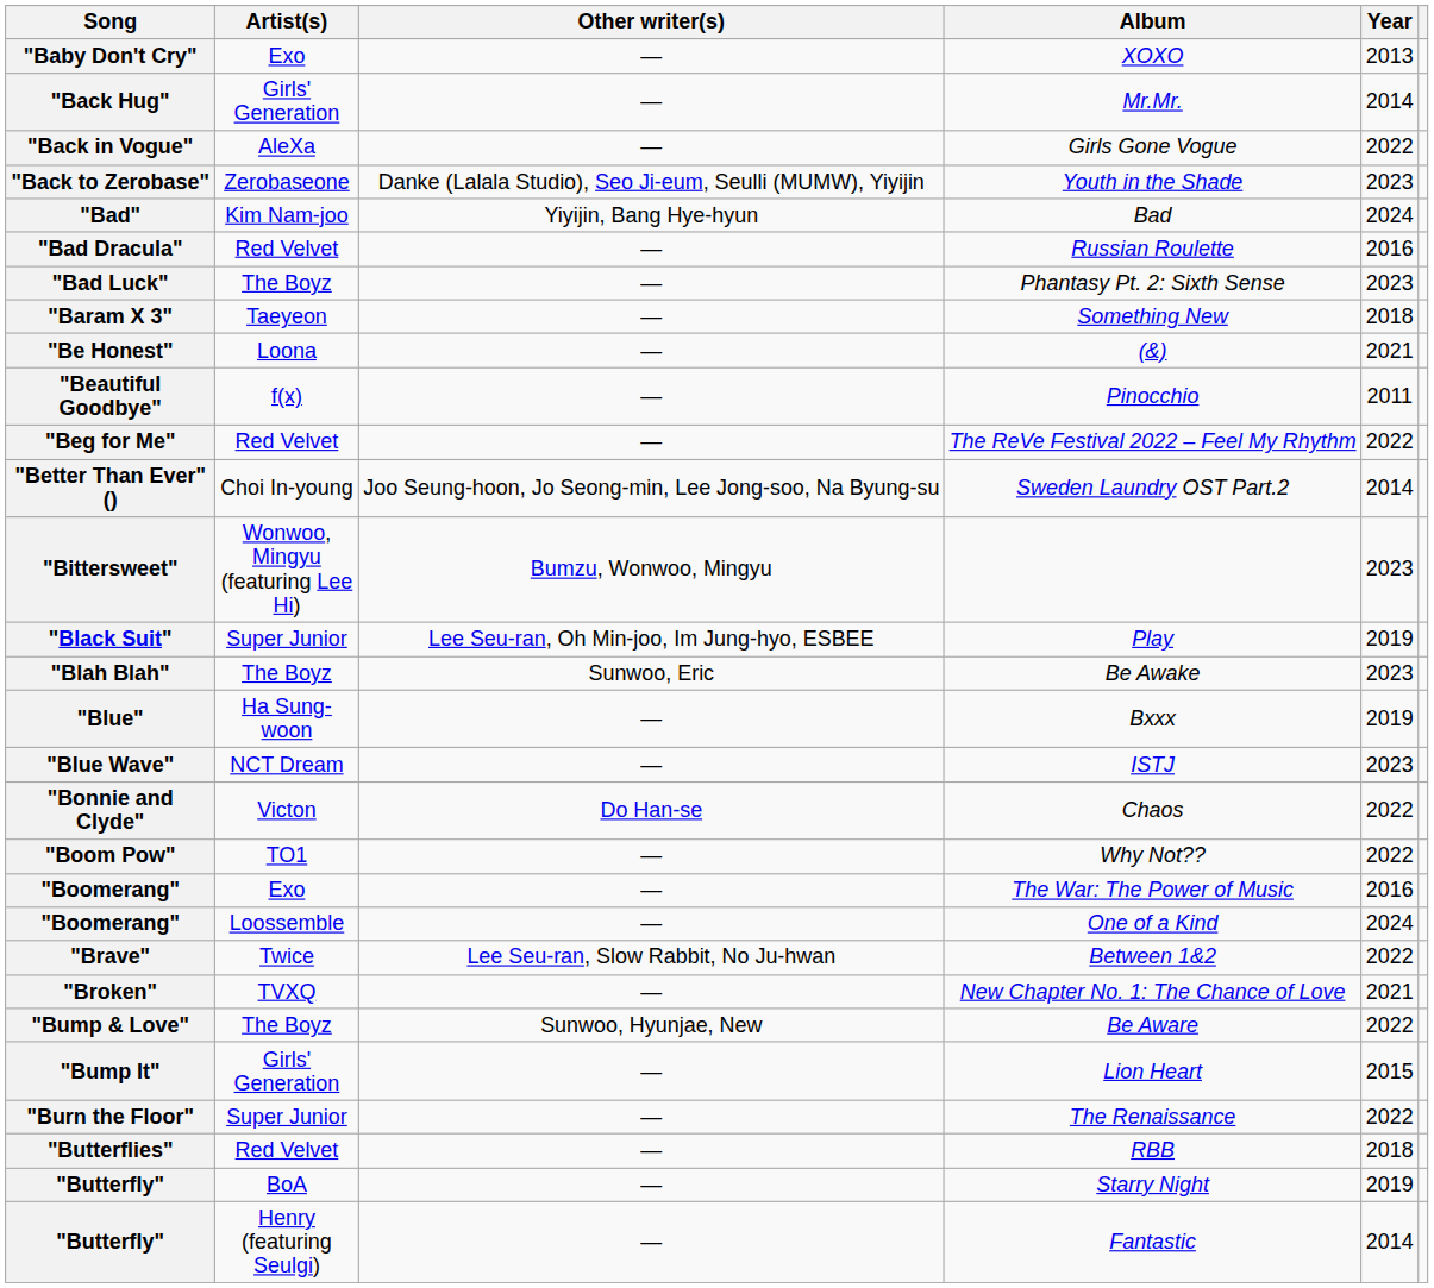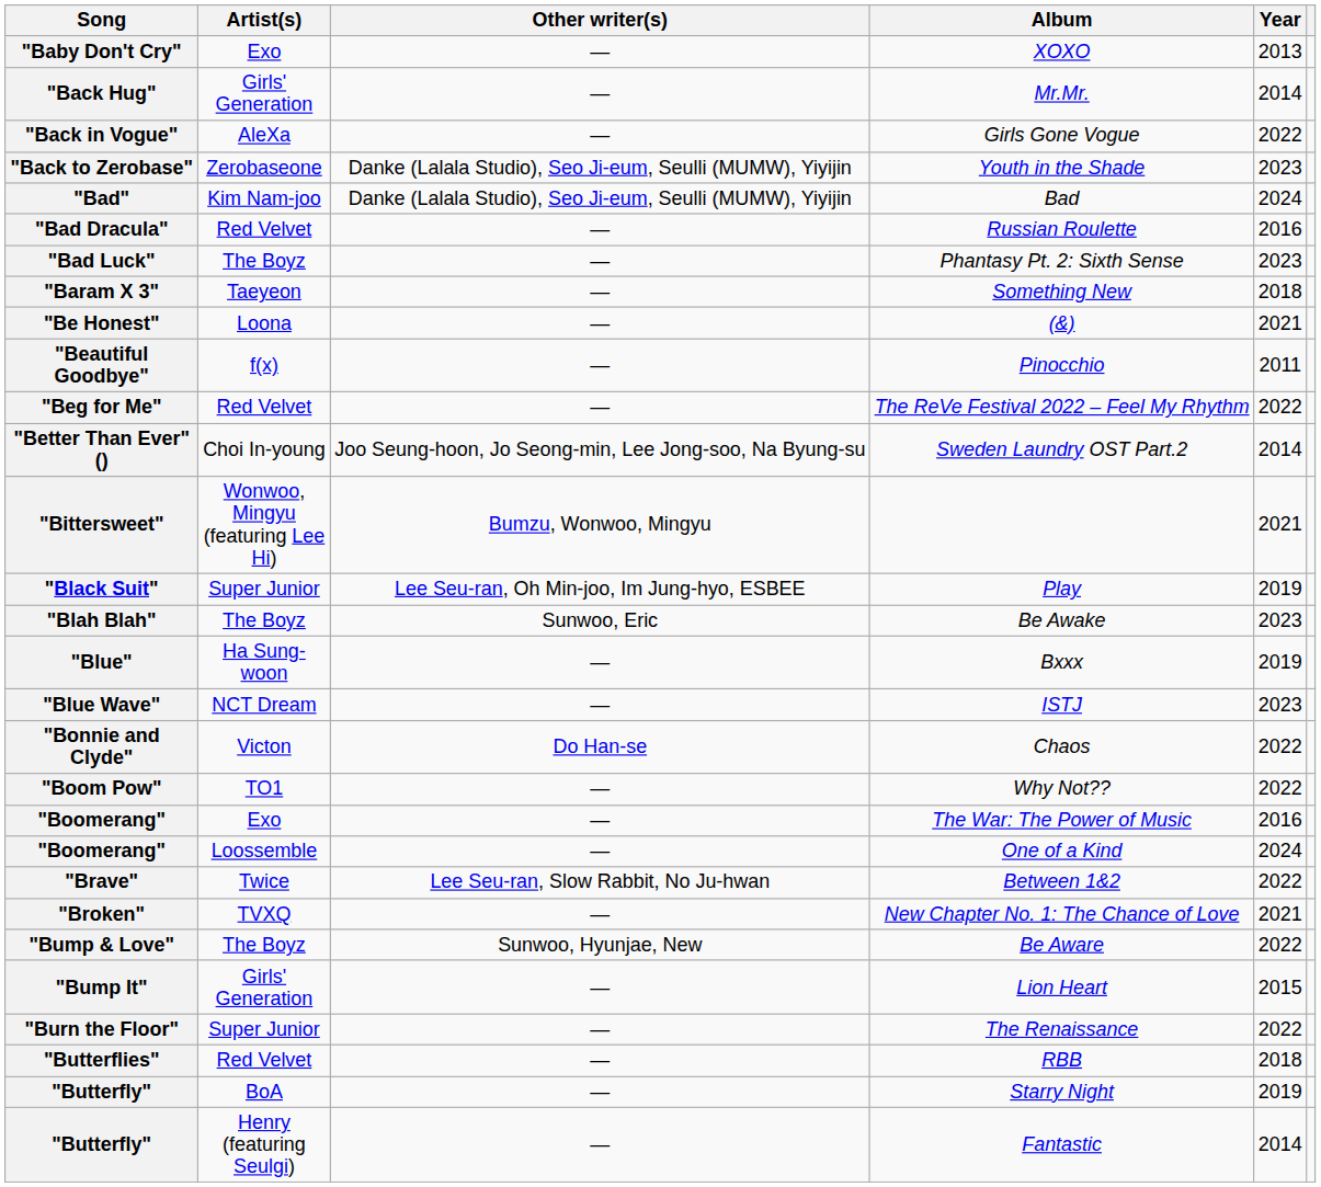 <table class="wikitable sortable plainrowheaders" style="text-align:center;">
 <tr>
 <th scope="col" width="150">Song</th>
 <th scope="col" width="100">Artist(s)</th>
 <th scope="col" class="unsortable">Other writer(s)</th>
 <th scope="col" data-sort-type="text">Album</th>
 <th scope="col">Year</th>
 <th scope="col" class="unsortable"></th>
 </tr>
 <tr>
 <th scope="row">"Baby Don't Cry"</th>
 <td><a href='#'>Exo</a></td>
 <td>—</td>
 <td><em><a href='#'>XOXO</a></em></td>
 <td>2013</td>
 <td style="text-align:center;"></td>
 </tr>
 <tr>
 <th scope="row">"Back Hug"</th>
 <td><a href='#'>Girls' Generation</a></td>
 <td>—</td>
 <td><em><a href='#'>Mr.Mr.</a></em></td>
 <td>2014</td>
 <td style="text-align:center;"></td>
 </tr>
 <tr>
 <th scope="row">"Back in Vogue"</th>
 <td><a href='#'>AleXa</a></td>
 <td>—</td>
 <td><em>Girls Gone Vogue</em></td>
 <td>2022</td>
 <td style="text-align:center;"></td>
 </tr>
 <tr>
 <th scope="row">"Back to Zerobase"</th>
 <td><a href='#'>Zerobaseone</a></td>
 <td>Danke (Lalala Studio), <a href='#'>Seo Ji-eum</a>, Seulli (MUMW), Yiyijin</td>
 <td><em><a href='#'>Youth in the Shade</a></em></td>
 <td>2023</td>
 <td style="text-align:center;"></td>
 </tr>
 <tr>
 <th scope="row">"Bad"</th>
 <td><a href='#'>Kim Nam-joo</a></td>
-<td>Yiyijin, Bang Hye-hyun</td>
+<td>Danke (Lalala Studio), <a href='#'>Seo Ji-eum</a>, Seulli (MUMW), Yiyijin</td>
 <td><em>Bad</em></td>
 <td>2024</td>
 <td style="text-align:center;"></td>
 </tr>
 <tr>
 <th scope="row">"Bad Dracula"</th>
 <td><a href='#'>Red Velvet</a></td>
 <td>—</td>
 <td><em><a href='#'>Russian Roulette</a></em></td>
 <td>2016</td>
 <td style="text-align:center;"></td>
 </tr>
 <tr>
 <th scope="row">"Bad Luck"</th>
 <td><a href='#'>The Boyz</a></td>
 <td>—</td>
 <td><em>Phantasy Pt. 2: Sixth Sense</em></td>
 <td>2023</td>
 <td style="text-align:center;"></td>
 </tr>
 <tr>
 <th scope="row">"Baram X 3"</th>
 <td><a href='#'>Taeyeon</a></td>
 <td>—</td>
 <td><em><a href='#'>Something New</a></em></td>
 <td>2018</td>
 <td style="text-align:center;"></td>
 </tr>
 <tr>
 <th scope="row">"Be Honest"</th>
 <td><a href='#'>Loona</a></td>
 <td>—</td>
 <td><em><a href='#'>(&)</a></em></td>
 <td>2021</td>
 <td style="text-align:center;"></td>
 </tr>
 <tr>
 <th scope="row">"Beautiful Goodbye"</th>
 <td><a href='#'>f(x)</a></td>
 <td>—</td>
 <td><em><a href='#'>Pinocchio</a></em></td>
 <td>2011</td>
 <td style="text-align:center;"></td>
 </tr>
 <tr>
 <th scope="row">"Beg for Me"</th>
 <td><a href='#'>Red Velvet</a></td>
 <td>—</td>
 <td><em><a href='#'>The ReVe Festival 2022 – Feel My Rhythm</a></em></td>
 <td>2022</td>
 <td style="text-align:center;"></td>
 </tr>
 <tr>
 <th scope="row">"Better Than Ever" ()</th>
 <td>Choi In-young</td>
 <td>Joo Seung-hoon, Jo Seong-min, Lee Jong-soo, Na Byung-su</td>
 <td><em><a href='#'>Sweden Laundry</a> OST Part.2</em></td>
 <td>2014</td>
 <td style="text-align:center;"></td>
 </tr>
 <tr>
 <th scope="row">"Bittersweet"</th>
 <td><a href='#'>Wonwoo</a>, <a href='#'>Mingyu</a> (featuring <a href='#'>Lee Hi</a>)</td>
 <td><a href='#'>Bumzu</a>, Wonwoo, Mingyu</td>
 <td></td>
-<td>2023</td>
+<td>2021</td>
 <td style="text-align:center;"></td>
 </tr>
 <tr>
 <th scope="row">"<a href='#'>Black Suit</a>"</th>
 <td><a href='#'>Super Junior</a></td>
 <td><a href='#'>Lee Seu-ran</a>, Oh Min-joo, Im Jung-hyo, ESBEE</td>
 <td><em><a href='#'>Play</a></em></td>
 <td>2019</td>
 <td style="text-align:center;"></td>
 </tr>
 <tr>
 <th scope="row">"Blah Blah"</th>
 <td><a href='#'>The Boyz</a></td>
 <td>Sunwoo, Eric</td>
 <td><em>Be Awake</em></td>
 <td>2023</td>
 <td style="text-align:center;"></td>
 </tr>
 <tr>
 <th scope="row">"Blue"</th>
 <td><a href='#'>Ha Sung-woon</a></td>
 <td>—</td>
 <td><em>Bxxx</em></td>
 <td>2019</td>
 <td style="text-align:center;"></td>
 </tr>
 <tr>
 <th scope="row">"Blue Wave"</th>
 <td><a href='#'>NCT Dream</a></td>
 <td>—</td>
 <td><em><a href='#'>ISTJ</a></em></td>
 <td>2023</td>
 <td style="text-align:center;"></td>
 </tr>
 <tr>
 <th scope="row">"Bonnie and Clyde"</th>
 <td><a href='#'>Victon</a></td>
 <td><a href='#'>Do Han-se</a></td>
 <td><em>Chaos</em></td>
 <td>2022</td>
 <td style="text-align:center;"></td>
 </tr>
 <tr>
 <th scope="row">"Boom Pow"</th>
 <td><a href='#'>TO1</a></td>
 <td>—</td>
 <td><em>Why Not??</em></td>
 <td>2022</td>
 <td style="text-align:center;"></td>
 </tr>
 <tr>
 <th scope="row">"Boomerang"</th>
 <td><a href='#'>Exo</a></td>
 <td>—</td>
 <td><em><a href='#'>The War: The Power of Music</a></em></td>
 <td>2016</td>
 <td style="text-align:center;"></td>
 </tr>
 <tr>
 <th scope="row">"Boomerang"</th>
 <td><a href='#'>Loossemble</a></td>
 <td>—</td>
 <td><em><a href='#'>One of a Kind</a></em></td>
 <td>2024</td>
 <td style="text-align:center;"></td>
 </tr>
 <tr>
 <th scope="row">"Brave"</th>
 <td><a href='#'>Twice</a></td>
 <td><a href='#'>Lee Seu-ran</a>, Slow Rabbit, No Ju-hwan</td>
 <td><em><a href='#'>Between 1&2</a></em></td>
 <td>2022</td>
 <td style="text-align:center;"></td>
 </tr>
 <tr>
 <th scope="row">"Broken"</th>
 <td><a href='#'>TVXQ</a></td>
 <td>—</td>
 <td><em><a href='#'>New Chapter No. 1: The Chance of Love</a></em></td>
 <td>2021</td>
 <td style="text-align:center;"></td>
 </tr>
 <tr>
 <th scope="row">"Bump & Love"</th>
 <td><a href='#'>The Boyz</a></td>
 <td>Sunwoo, Hyunjae, New</td>
 <td><em><a href='#'>Be Aware</a></em></td>
 <td>2022</td>
 <td style="text-align:center;"></td>
 </tr>
 <tr>
 <th scope="row">"Bump It"</th>
 <td><a href='#'>Girls' Generation</a></td>
 <td>—</td>
 <td><em><a href='#'>Lion Heart</a></em></td>
 <td>2015</td>
 <td style="text-align:center;"></td>
 </tr>
 <tr>
 <th scope="row">"Burn the Floor"</th>
 <td><a href='#'>Super Junior</a></td>
 <td>—</td>
 <td><em><a href='#'>The Renaissance</a></em></td>
 <td>2022</td>
 <td style="text-align:center;"></td>
 </tr>
 <tr>
 <th scope="row">"Butterflies"</th>
 <td><a href='#'>Red Velvet</a></td>
 <td>—</td>
 <td><em><a href='#'>RBB</a></em></td>
 <td>2018</td>
 <td style="text-align:center;"></td>
 </tr>
 <tr>
 <th scope="row">"Butterfly"</th>
 <td><a href='#'>BoA</a></td>
 <td>—</td>
 <td><em><a href='#'>Starry Night</a></em></td>
 <td>2019</td>
 <td style="text-align:center;"></td>
 </tr>
 <tr>
 <th scope="row">"Butterfly"</th>
 <td><a href='#'>Henry</a> (featuring <a href='#'>Seulgi</a>)</td>
 <td>—</td>
 <td><em><a href='#'>Fantastic</a></em></td>
 <td>2014</td>
 <td style="text-align:center;"></td>
 </tr>
 </table>
